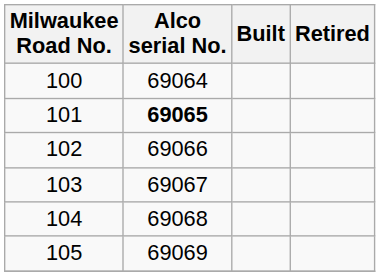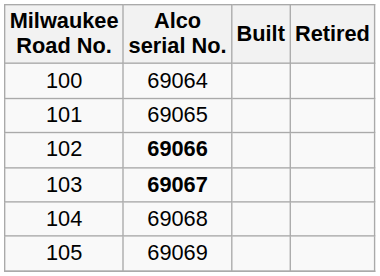 <table class="wikitable sortable" style=text-align:center>
 <tr>
 <th>Milwaukee<br>Road No.</th>
 <th>Alco<br>serial No.</th>
 <th>Built</th>
 <th>Retired</th>
 </tr>
 <tr>
 <td>100</td>
 <td>69064</td>
 <td></td>
 <td></td>
 </tr>
 <tr>
 <td>101</td>
-<td><strong>69065</strong></td>
+<td>69065</td>
 <td></td>
 <td></td>
 </tr>
 <tr>
 <td>102</td>
-<td>69066</td>
+<td><strong>69066</strong></td>
 <td></td>
 <td></td>
 </tr>
 <tr>
 <td>103</td>
-<td>69067</td>
+<td><strong>69067</strong></td>
 <td></td>
 <td></td>
 </tr>
 <tr>
 <td>104</td>
 <td>69068</td>
 <td></td>
 <td></td>
 </tr>
 <tr>
 <td>105</td>
 <td>69069</td>
 <td></td>
 <td></td>
 </tr>
 <tr>
 </tr>
 </table>
